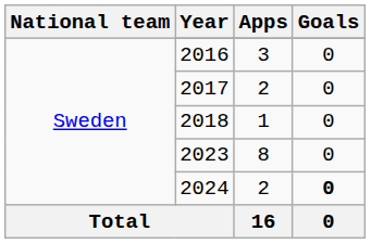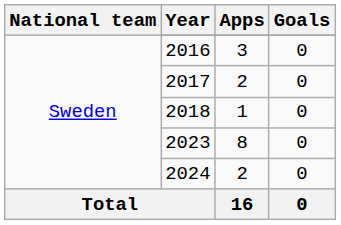 <table class="wikitable" style="text-align:center">
 <tr>
 <th>National team</th>
 <th>Year</th>
 <th>Apps</th>
 <th>Goals</th>
 </tr>
 <tr>
 <td rowspan="6"><a href='#'>Sweden</a></td>
 </tr>
 <tr>
 <td>2016</td>
 <td>3</td>
 <td>0</td>
 </tr>
 <tr>
 <td>2017</td>
 <td>2</td>
 <td>0</td>
 </tr>
 <tr>
 <td>2018</td>
 <td>1</td>
 <td>0</td>
 </tr>
 <tr>
 <td>2023</td>
 <td>8</td>
 <td>0</td>
 </tr>
 <tr>
 <td>2024</td>
 <td>2</td>
-<td><strong>0</strong></td>
+<td>0</td>
 </tr>
 <tr>
 <th colspan="2">Total</th>
 <th>16</th>
 <th>0</th>
 </tr>
 </table>
